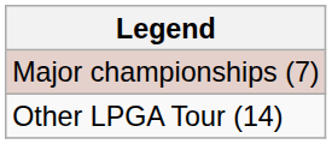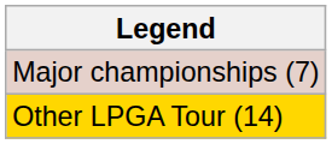 <table class="wikitable" style="font-size:95%;">
 <tr>
 <th>Legend</th>
 </tr>
 <tr style="background:#e5d1cb;">
 <td>Major championships (7)</td>
 </tr>
 <tr>
-<td>Other LPGA Tour (14)</td>
+<td style="background: gold;">Other LPGA Tour (14)</td>
 </tr>
 </table>
